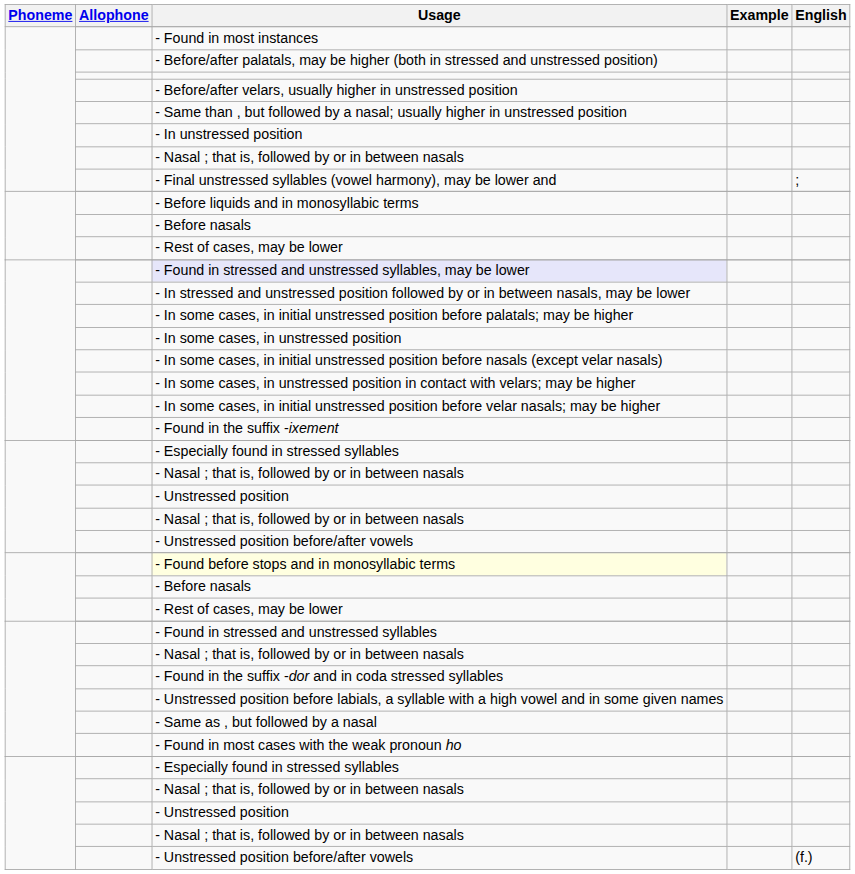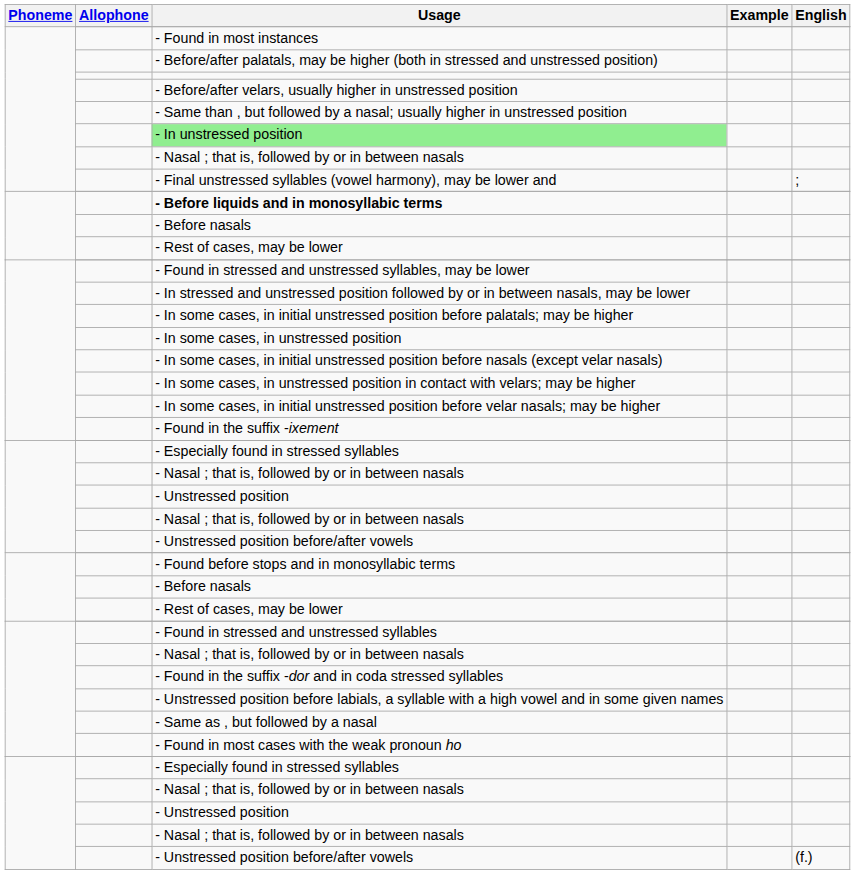 <table class="wikitable" style="margin:auto">
 <tr>
 <th><a href='#'>Phoneme</a></th>
 <th><a href='#'>Allophone</a></th>
 <th>Usage</th>
 <th>Example</th>
 <th>English</th>
 </tr>
 <tr>
 <td rowspan="9" style="text-align:center;"></td>
 </tr>
 <tr>
 <td style="text-align:center;"></td>
 <td>- Found in most instances</td>
 <td></td>
 <td></td>
 </tr>
 <tr>
 <td style="text-align:center;"></td>
 <td>- Before/after palatals, may be higher  (both in stressed and unstressed position)</td>
 <td></td>
 <td></td>
 </tr>
 <tr>
 <td style="text-align:center;"></td>
 <td></td>
 <td></td>
 <td></td>
 </tr>
 <tr>
 <td style="text-align:center;"></td>
 <td>- Before/after velars, usually higher in unstressed position </td>
 <td></td>
 <td></td>
 </tr>
 <tr>
 <td style="text-align:center;"></td>
 <td>- Same than , but followed by a nasal; usually higher in unstressed position </td>
 <td></td>
 <td></td>
 </tr>
 <tr>
 <td style="text-align:center;"></td>
-<td>- In unstressed position</td>
+<td style="background: lightgreen;">- In unstressed position</td>
 <td></td>
 <td></td>
 </tr>
 <tr>
 <td style="text-align:center;"></td>
 <td>- Nasal ; that is,  followed by or in between nasals</td>
 <td></td>
 <td></td>
 </tr>
 <tr>
 <td style="text-align:center;"></td>
 <td>- Final unstressed syllables (vowel harmony), may be lower  and </td>
 <td></td>
 <td>; </td>
 </tr>
 <tr>
 <td rowspan="4" style="text-align:center;"></td>
 </tr>
 <tr>
 <td style="text-align:center;"></td>
-<td>- Before liquids and in monosyllabic terms</td>
+<td><strong>- Before liquids and in monosyllabic terms</strong></td>
 <td></td>
 <td></td>
 </tr>
 <tr>
 <td style="text-align:center;"></td>
 <td>- Before nasals</td>
 <td></td>
 <td></td>
 </tr>
 <tr>
 <td style="text-align:center;"></td>
 <td>- Rest of cases, may be lower </td>
 <td></td>
 <td></td>
 </tr>
 <tr>
 <td rowspan="9" style="text-align:center;"></td>
 </tr>
 <tr>
 <td style="text-align:center;"></td>
-<td style="background: lavender;">- Found in stressed and unstressed syllables, may be lower </td>
+<td>- Found in stressed and unstressed syllables, may be lower </td>
 <td></td>
 <td></td>
 </tr>
 <tr>
 <td style="text-align:center;"></td>
 <td>- In stressed and unstressed position followed by or in between nasals, may be lower </td>
 <td></td>
 <td></td>
 </tr>
 <tr>
 <td style="text-align:center;"></td>
 <td>- In some cases, in initial unstressed position before palatals; may be higher </td>
 <td></td>
 <td></td>
 </tr>
 <tr>
 <td style="text-align:center;"></td>
 <td>- In some cases, in unstressed position</td>
 <td></td>
 <td></td>
 </tr>
 <tr>
 <td style="text-align:center;"></td>
 <td>- In some cases, in initial unstressed position before nasals (except velar nasals)</td>
 <td></td>
 <td></td>
 </tr>
 <tr>
 <td style="text-align:center;"></td>
 <td>- In some cases, in unstressed position in contact with velars; may be higher </td>
 <td></td>
 <td></td>
 </tr>
 <tr>
 <td style="text-align:center;"></td>
 <td>- In some cases, in initial unstressed position before velar nasals; may be higher </td>
 <td></td>
 <td></td>
 </tr>
 <tr>
 <td style="text-align:center;"></td>
 <td>- Found in the suffix -<em>ixement</em></td>
 <td></td>
 <td></td>
 </tr>
 <tr>
 <td rowspan="6" style="text-align:center;"></td>
 </tr>
 <tr>
 <td style="text-align:center;"></td>
 <td>- Especially found in stressed syllables</td>
 <td></td>
 <td></td>
 </tr>
 <tr>
 <td style="text-align:center;"></td>
 <td>- Nasal ; that is,  followed by or in between nasals</td>
 <td></td>
 <td></td>
 </tr>
 <tr>
 <td style="text-align:center;"></td>
 <td>- Unstressed position</td>
 <td></td>
 <td></td>
 </tr>
 <tr>
 <td style="text-align:center;"></td>
 <td>- Nasal ; that is,  followed by or in between nasals</td>
 <td></td>
 <td></td>
 </tr>
 <tr>
 <td style="text-align:center;"></td>
 <td>- Unstressed position before/after vowels</td>
 <td></td>
 <td></td>
 </tr>
 <tr>
 <td rowspan="4" style="text-align:center;"></td>
 </tr>
 <tr>
 <td style="text-align:center;"></td>
-<td style="background: lightyellow;">- Found before stops and in monosyllabic terms</td>
+<td>- Found before stops and in monosyllabic terms</td>
 <td></td>
 <td></td>
 </tr>
 <tr>
 <td style="text-align:center;"></td>
 <td>- Before nasals</td>
 <td></td>
 <td></td>
 </tr>
 <tr>
 <td style="text-align:center;"></td>
 <td>- Rest of cases, may be lower </td>
 <td></td>
 <td></td>
 </tr>
 <tr>
 <td rowspan="7" style="text-align:center;"></td>
 </tr>
 <tr>
 <td style="text-align:center;"></td>
 <td>- Found in stressed and unstressed syllables</td>
 <td></td>
 <td></td>
 </tr>
 <tr>
 <td style="text-align:center;"></td>
 <td>- Nasal ; that is,  followed by or in between nasals</td>
 <td></td>
 <td></td>
 </tr>
 <tr>
 <td style="text-align:center;"></td>
 <td>- Found in the suffix -<em>dor</em> and in coda stressed syllables </td>
 <td></td>
 <td></td>
 </tr>
 <tr>
 <td style="text-align:center;"></td>
 <td>- Unstressed position before labials, a syllable with a high vowel and in some given names</td>
 <td></td>
 <td></td>
 </tr>
 <tr>
 <td style="text-align:center;"></td>
 <td>- Same as , but followed by a nasal</td>
 <td></td>
 <td></td>
 </tr>
 <tr>
 <td style="text-align:center;"></td>
 <td>- Found in most cases with the weak pronoun <em>ho</em></td>
 <td></td>
 <td></td>
 </tr>
 <tr>
 <td rowspan="6" style="text-align:center;"></td>
 </tr>
 <tr>
 <td style="text-align:center;"></td>
 <td>- Especially found in stressed syllables</td>
 <td></td>
 <td></td>
 </tr>
 <tr>
 <td style="text-align:center;"></td>
 <td>- Nasal ; that is,  followed by or in between nasals</td>
 <td></td>
 <td></td>
 </tr>
 <tr>
 <td style="text-align:center;"></td>
 <td>- Unstressed position</td>
 <td></td>
 <td></td>
 </tr>
 <tr>
 <td style="text-align:center;"></td>
 <td>- Nasal ; that is,  followed by or in between nasals</td>
 <td></td>
 <td></td>
 </tr>
 <tr>
 <td style="text-align:center;"></td>
 <td>- Unstressed position before/after vowels</td>
 <td></td>
 <td> (f.)</td>
 </tr>
 </table>
